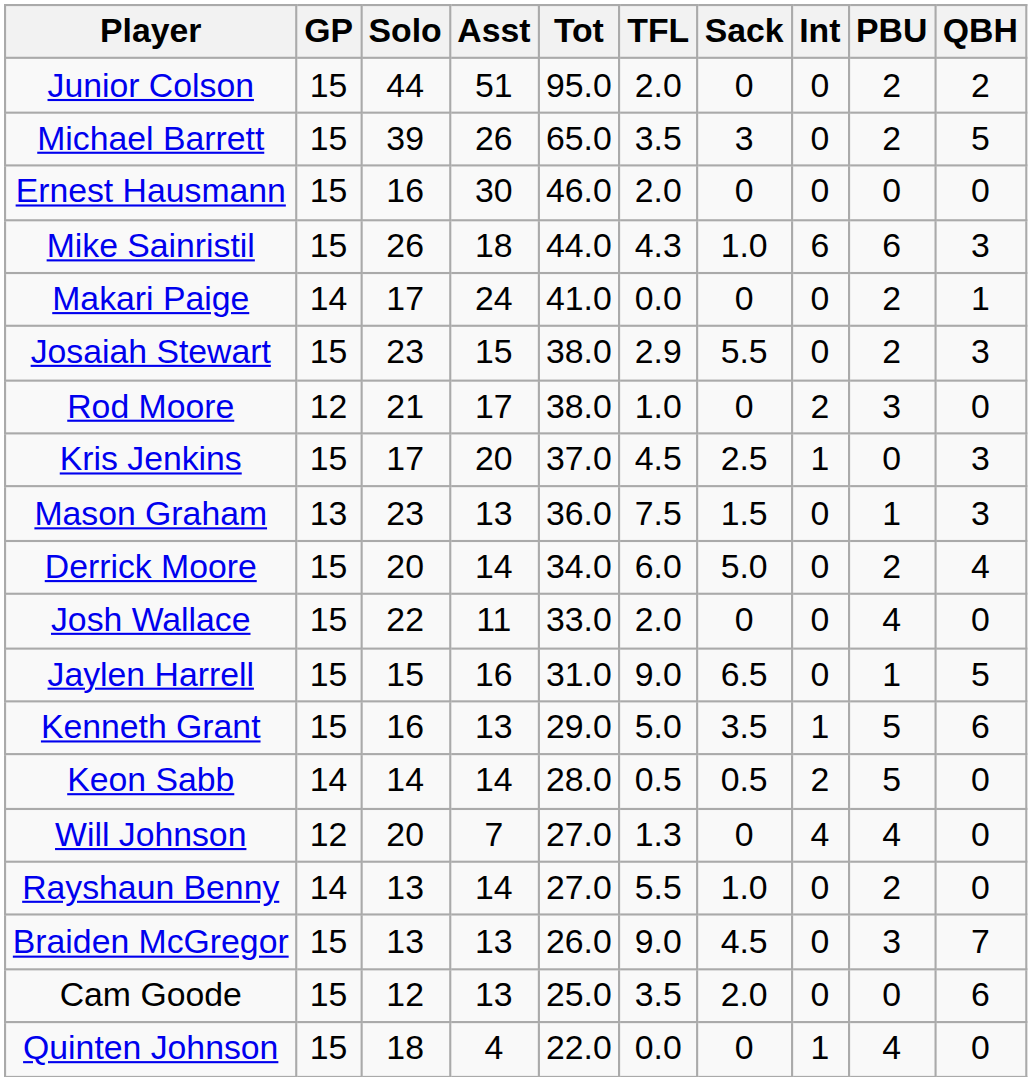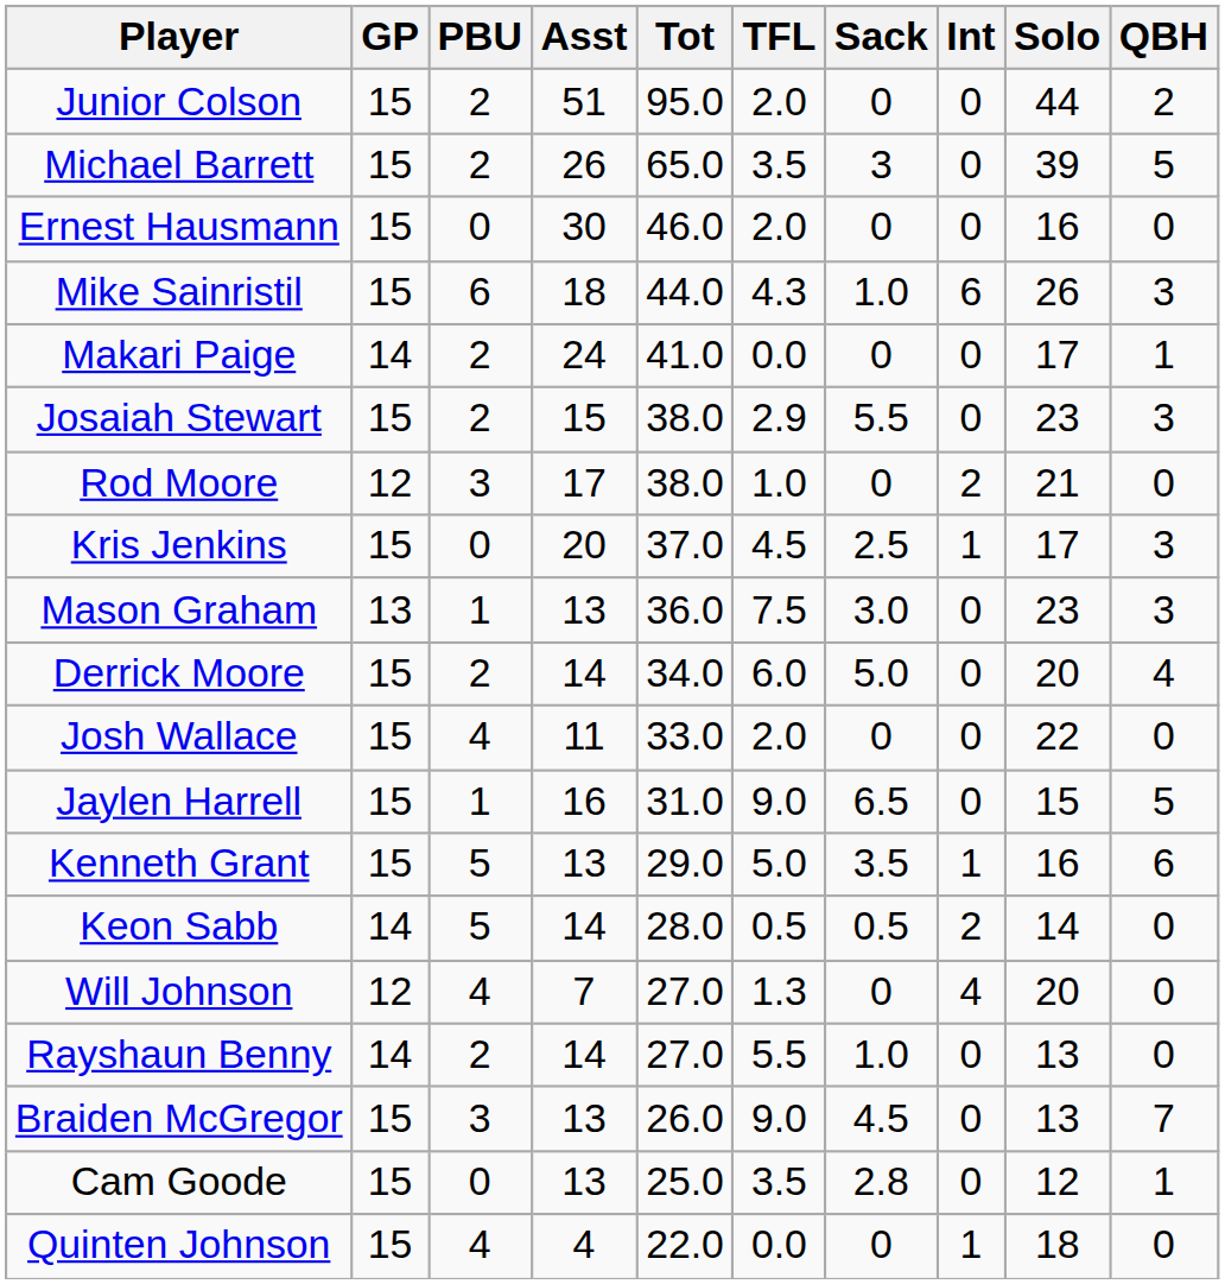 <table class="wikitable sortable sortable" style="text-align: center">
 <tr align=center>
 <th>Player</th>
 <th>GP</th>
-<th>Solo</th>
+<th>PBU</th>
 <th>Asst</th>
 <th>Tot</th>
 <th>TFL</th>
 <th>Sack</th>
 <th>Int</th>
-<th>PBU</th>
+<th>Solo</th>
 <th>QBH</th>
 </tr>
 <tr>
 <td><a href='#'>Junior Colson</a></td>
 <td>15</td>
-<td>44</td>
+<td>2</td>
 <td>51</td>
 <td>95.0</td>
 <td>2.0</td>
 <td>0</td>
 <td>0</td>
-<td>2</td>
+<td>44</td>
 <td>2</td>
 </tr>
 <tr>
 <td><a href='#'>Michael Barrett</a></td>
 <td>15</td>
-<td>39</td>
+<td>2</td>
 <td>26</td>
 <td>65.0</td>
 <td>3.5</td>
 <td>3</td>
 <td>0</td>
-<td>2</td>
+<td>39</td>
 <td>5</td>
 </tr>
 <tr>
 <td><a href='#'>Ernest Hausmann</a></td>
 <td>15</td>
-<td>16</td>
+<td>0</td>
 <td>30</td>
 <td>46.0</td>
 <td>2.0</td>
 <td>0</td>
 <td>0</td>
-<td>0</td>
+<td>16</td>
 <td>0</td>
 </tr>
 <tr>
 <td><a href='#'>Mike Sainristil</a></td>
 <td>15</td>
-<td>26</td>
+<td>6</td>
 <td>18</td>
 <td>44.0</td>
 <td>4.3</td>
 <td>1.0</td>
 <td>6</td>
-<td>6</td>
+<td>26</td>
 <td>3</td>
 </tr>
 <tr>
 <td><a href='#'>Makari Paige</a></td>
 <td>14</td>
-<td>17</td>
+<td>2</td>
 <td>24</td>
 <td>41.0</td>
 <td>0.0</td>
 <td>0</td>
 <td>0</td>
-<td>2</td>
+<td>17</td>
 <td>1</td>
 </tr>
 <tr>
 <td><a href='#'>Josaiah Stewart</a></td>
 <td>15</td>
-<td>23</td>
+<td>2</td>
 <td>15</td>
 <td>38.0</td>
 <td>2.9</td>
 <td>5.5</td>
 <td>0</td>
-<td>2</td>
+<td>23</td>
 <td>3</td>
 </tr>
 <tr>
 <td><a href='#'>Rod Moore</a></td>
 <td>12</td>
-<td>21</td>
+<td>3</td>
 <td>17</td>
 <td>38.0</td>
 <td>1.0</td>
 <td>0</td>
 <td>2</td>
-<td>3</td>
+<td>21</td>
 <td>0</td>
 </tr>
 <tr>
 <td><a href='#'>Kris Jenkins</a></td>
 <td>15</td>
-<td>17</td>
+<td>0</td>
 <td>20</td>
 <td>37.0</td>
 <td>4.5</td>
 <td>2.5</td>
 <td>1</td>
-<td>0</td>
+<td>17</td>
 <td>3</td>
 </tr>
 <tr>
 <td><a href='#'>Mason Graham</a></td>
 <td>13</td>
-<td>23</td>
+<td>1</td>
 <td>13</td>
 <td>36.0</td>
 <td>7.5</td>
-<td>1.5</td>
+<td>3.0</td>
 <td>0</td>
-<td>1</td>
+<td>23</td>
 <td>3</td>
 </tr>
 <tr>
 <td><a href='#'>Derrick Moore</a></td>
 <td>15</td>
-<td>20</td>
+<td>2</td>
 <td>14</td>
 <td>34.0</td>
 <td>6.0</td>
 <td>5.0</td>
 <td>0</td>
-<td>2</td>
+<td>20</td>
 <td>4</td>
 </tr>
 <tr>
 <td><a href='#'>Josh Wallace</a></td>
 <td>15</td>
-<td>22</td>
+<td>4</td>
 <td>11</td>
 <td>33.0</td>
 <td>2.0</td>
 <td>0</td>
 <td>0</td>
-<td>4</td>
+<td>22</td>
 <td>0</td>
 </tr>
 <tr>
 <td><a href='#'>Jaylen Harrell</a></td>
 <td>15</td>
-<td>15</td>
+<td>1</td>
 <td>16</td>
 <td>31.0</td>
 <td>9.0</td>
 <td>6.5</td>
 <td>0</td>
-<td>1</td>
+<td>15</td>
 <td>5</td>
 </tr>
 <tr>
 <td><a href='#'>Kenneth Grant</a></td>
 <td>15</td>
-<td>16</td>
+<td>5</td>
 <td>13</td>
 <td>29.0</td>
 <td>5.0</td>
 <td>3.5</td>
 <td>1</td>
-<td>5</td>
+<td>16</td>
 <td>6</td>
 </tr>
 <tr>
 <td><a href='#'>Keon Sabb</a></td>
 <td>14</td>
-<td>14</td>
+<td>5</td>
 <td>14</td>
 <td>28.0</td>
 <td>0.5</td>
 <td>0.5</td>
 <td>2</td>
-<td>5</td>
+<td>14</td>
 <td>0</td>
 </tr>
 <tr>
 <td><a href='#'>Will Johnson</a></td>
 <td>12</td>
-<td>20</td>
+<td>4</td>
 <td>7</td>
 <td>27.0</td>
 <td>1.3</td>
 <td>0</td>
 <td>4</td>
-<td>4</td>
+<td>20</td>
 <td>0</td>
 </tr>
 <tr>
 <td><a href='#'>Rayshaun Benny</a></td>
 <td>14</td>
-<td>13</td>
+<td>2</td>
 <td>14</td>
 <td>27.0</td>
 <td>5.5</td>
 <td>1.0</td>
 <td>0</td>
-<td>2</td>
+<td>13</td>
 <td>0</td>
 </tr>
 <tr>
 <td><a href='#'>Braiden McGregor</a></td>
 <td>15</td>
-<td>13</td>
+<td>3</td>
 <td>13</td>
 <td>26.0</td>
 <td>9.0</td>
 <td>4.5</td>
 <td>0</td>
-<td>3</td>
+<td>13</td>
 <td>7</td>
 </tr>
 <tr>
 <td>Cam Goode</td>
 <td>15</td>
-<td>12</td>
+<td>0</td>
 <td>13</td>
 <td>25.0</td>
 <td>3.5</td>
-<td>2.0</td>
+<td>2.8</td>
 <td>0</td>
-<td>0</td>
-<td>6</td>
+<td>12</td>
+<td>1</td>
 </tr>
 <tr>
 <td><a href='#'>Quinten Johnson</a></td>
 <td>15</td>
-<td>18</td>
+<td>4</td>
 <td>4</td>
 <td>22.0</td>
 <td>0.0</td>
 <td>0</td>
 <td>1</td>
-<td>4</td>
+<td>18</td>
 <td>0</td>
 </tr>
 </table>
